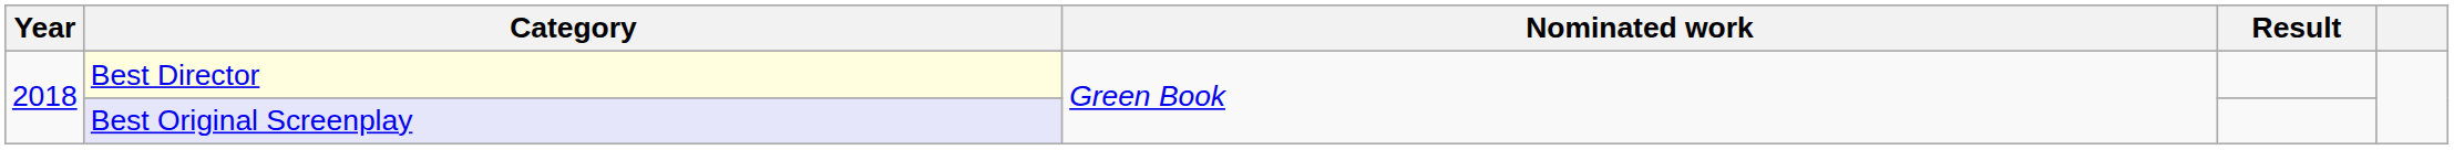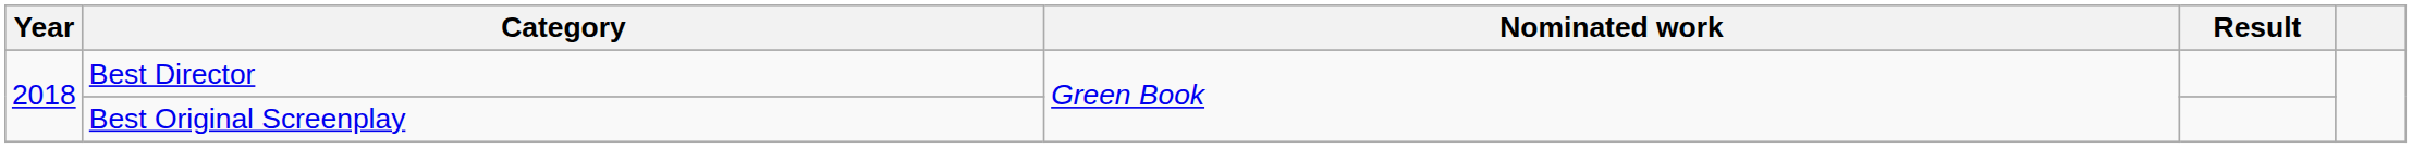 <table class="wikitable sortable">
 <tr>
 <th scope="col" style="width:1em;">Year</th>
 <th scope="col" style="width:33em;">Category</th>
 <th scope="col" style="width:39em;">Nominated work</th>
 <th scope="col" style="width:5em;">Result</th>
 <th scope="col" style="width:2em;" class="unsortable"></th>
 </tr>
 <tr>
 <td rowspan="2"><a href='#'>2018</a></td>
-<td style="background: lightyellow;"><a href='#'>Best Director</a></td>
+<td><a href='#'>Best Director</a></td>
 <td rowspan="2"><em><a href='#'>Green Book</a></em></td>
 <td></td>
 <td style="text-align:center;" rowspan="2"></td>
 </tr>
 <tr>
-<td style="background: lavender;"><a href='#'>Best Original Screenplay</a></td>
+<td><a href='#'>Best Original Screenplay</a></td>
 <td></td>
 </tr>
 </table>
